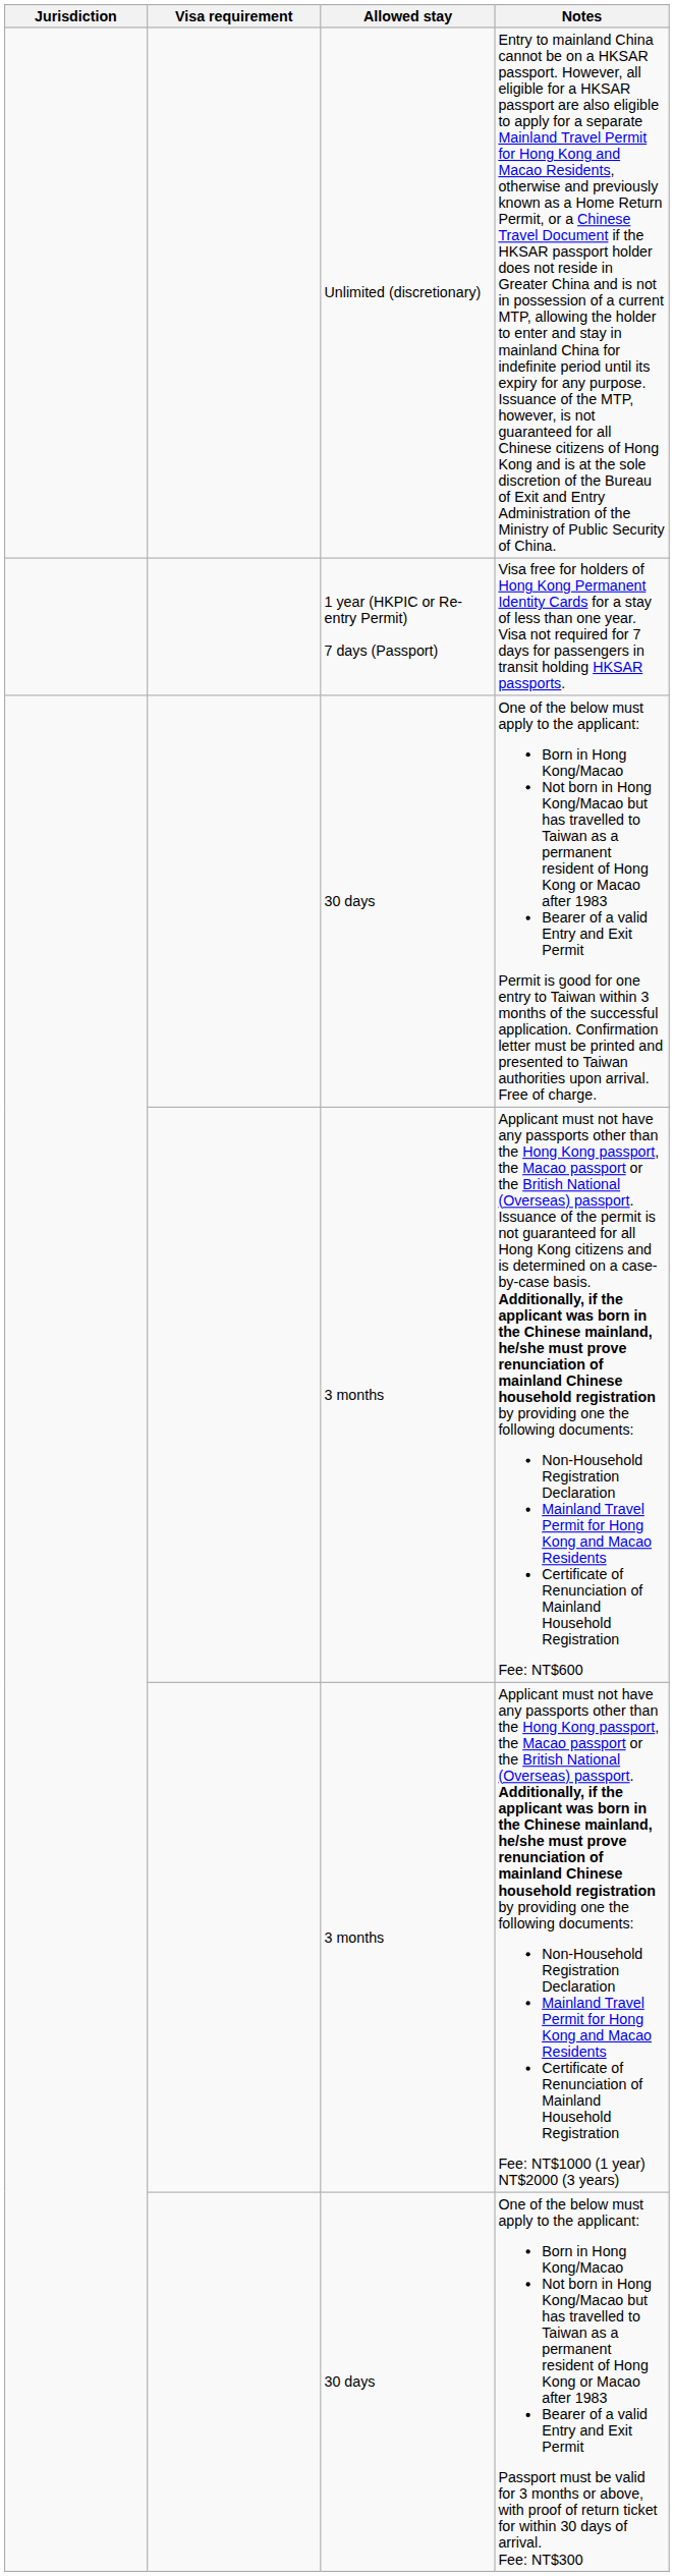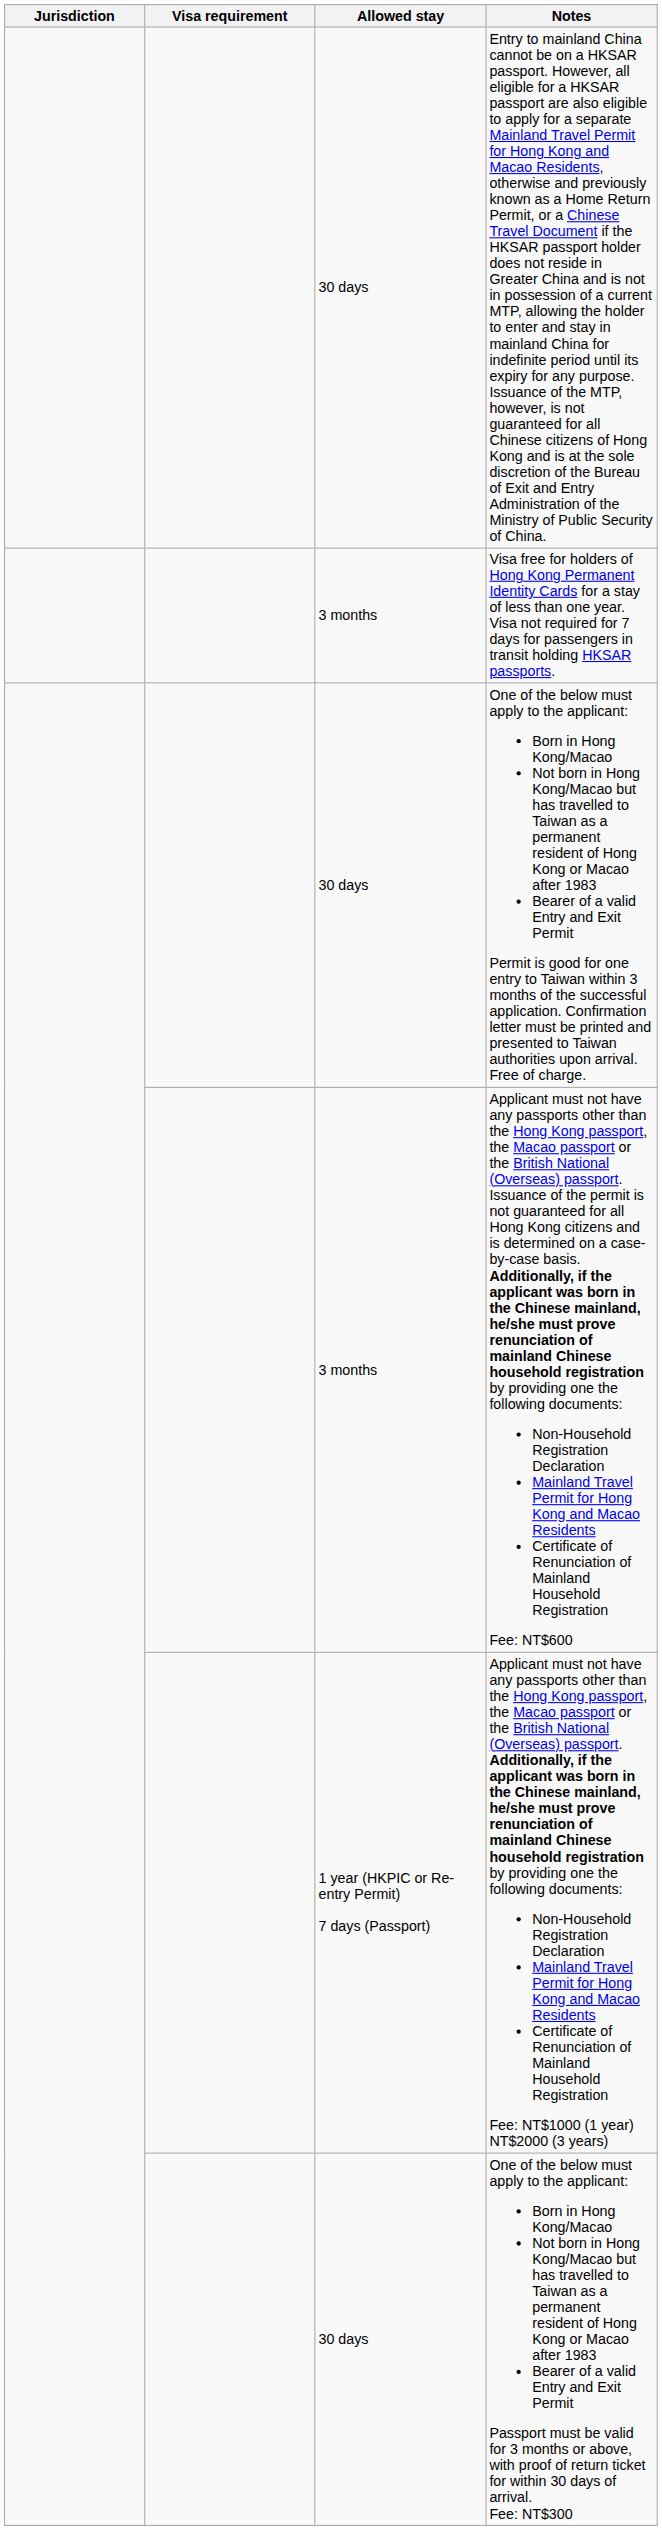 <table class="wikitable sortable" style="text-align: left; font-size: smaller; table-layout: fixed; ">
 <tr>
 <th style="width:18%;">Jurisdiction</th>
 <th style="width:22%;">Visa requirement</th>
 <th style="width:22%;">Allowed stay</th>
 <th style="width:22%;">Notes</th>
 </tr>
 <tr>
 <td style="white-space: nowrap;"></td>
 <td><br></td>
-<td>Unlimited (discretionary)</td>
+<td>30 days</td>
 <td>Entry to mainland China cannot be on a HKSAR passport. However, all eligible for a HKSAR passport are also eligible to apply for a separate <a href='#'>Mainland Travel Permit for Hong Kong and Macao Residents</a>, otherwise and previously known as a Home Return Permit, or a <a href='#'>Chinese Travel Document</a> if the HKSAR passport holder does not reside in Greater China and is not in possession of a current MTP, allowing the holder to enter and stay in mainland China for indefinite period until its expiry for any purpose. Issuance of the MTP, however, is not guaranteed for all Chinese citizens of Hong Kong and is at the sole discretion of the Bureau of Exit and Entry Administration of the Ministry of Public Security of China.<br></td>
 </tr>
 <tr>
 <td></td>
 <td></td>
-<td>1 year (HKPIC or Re-entry Permit)<br><br>7 days (Passport)</td>
+<td>3 months</td>
 <td>Visa free for holders of <a href='#'>Hong Kong Permanent Identity Cards</a> for a stay of less than one year. Visa not required for 7 days for passengers in transit holding <a href='#'>HKSAR passports</a>.</td>
 </tr>
 <tr>
 <td rowspan="4"></td>
 <td></td>
 <td>30 days</td>
 <td>One of the below must apply to the applicant:<br><ul><li>Born in Hong Kong/Macao</li><li>Not born in Hong Kong/Macao but has travelled to Taiwan as a permanent resident of Hong Kong or Macao after 1983</li><li>Bearer of a valid Entry and Exit Permit</li></ul>Permit is good for one entry to Taiwan within 3 months of the successful application. Confirmation letter must be printed and presented to Taiwan authorities upon arrival. Free of charge.</td>
 </tr>
 <tr>
 <td></td>
 <td>3 months</td>
 <td>Applicant must not have any passports other than the <a href='#'>Hong Kong passport</a>, the <a href='#'>Macao passport</a> or the <a href='#'>British National (Overseas) passport</a>. Issuance of the permit is not guaranteed for all Hong Kong citizens and is determined on a case-by-case basis.<br><strong>Additionally, if the applicant was born in the Chinese mainland, he/she must  prove renunciation of mainland Chinese household registration</strong> by providing one the following documents:<ul><li>Non-Household Registration Declaration</li><li><a href='#'>Mainland Travel Permit for Hong Kong and Macao Residents</a></li><li>Certificate of Renunciation of Mainland Household Registration</li></ul>Fee: NT$600</td>
 </tr>
 <tr>
 <td></td>
-<td>3 months</td>
+<td>1 year (HKPIC or Re-entry Permit)<br><br>7 days (Passport)</td>
 <td>Applicant must not have any passports other than the <a href='#'>Hong Kong passport</a>, the <a href='#'>Macao passport</a> or the <a href='#'>British National (Overseas) passport</a>.<br><strong>Additionally, if the applicant was born in the Chinese mainland, he/she must  prove renunciation of mainland Chinese household registration</strong> by providing one the following documents:<ul><li>Non-Household Registration Declaration</li><li><a href='#'>Mainland Travel Permit for Hong Kong and Macao Residents</a></li><li>Certificate of Renunciation of Mainland Household Registration</li></ul>Fee:  NT$1000 (1 year) NT$2000 (3 years)</td>
 </tr>
 <tr>
 <td></td>
 <td>30 days</td>
 <td>One of the below must apply to the applicant:<br><ul><li>Born in Hong Kong/Macao</li><li>Not born in Hong Kong/Macao but has travelled to Taiwan as a permanent resident of Hong Kong or Macao after 1983</li><li>Bearer of a valid Entry and Exit Permit</li></ul>Passport must be valid for 3 months or above, with proof of return ticket for within 30 days of arrival.<br> Fee: NT$300</td>
 </tr>
 </table>
